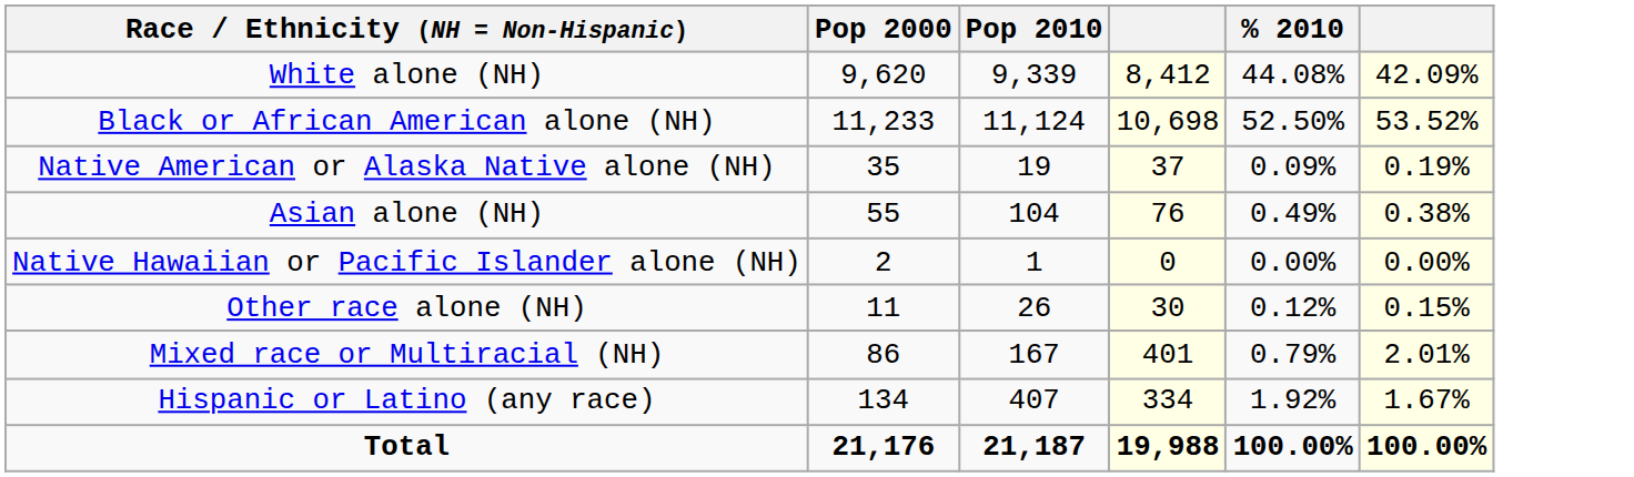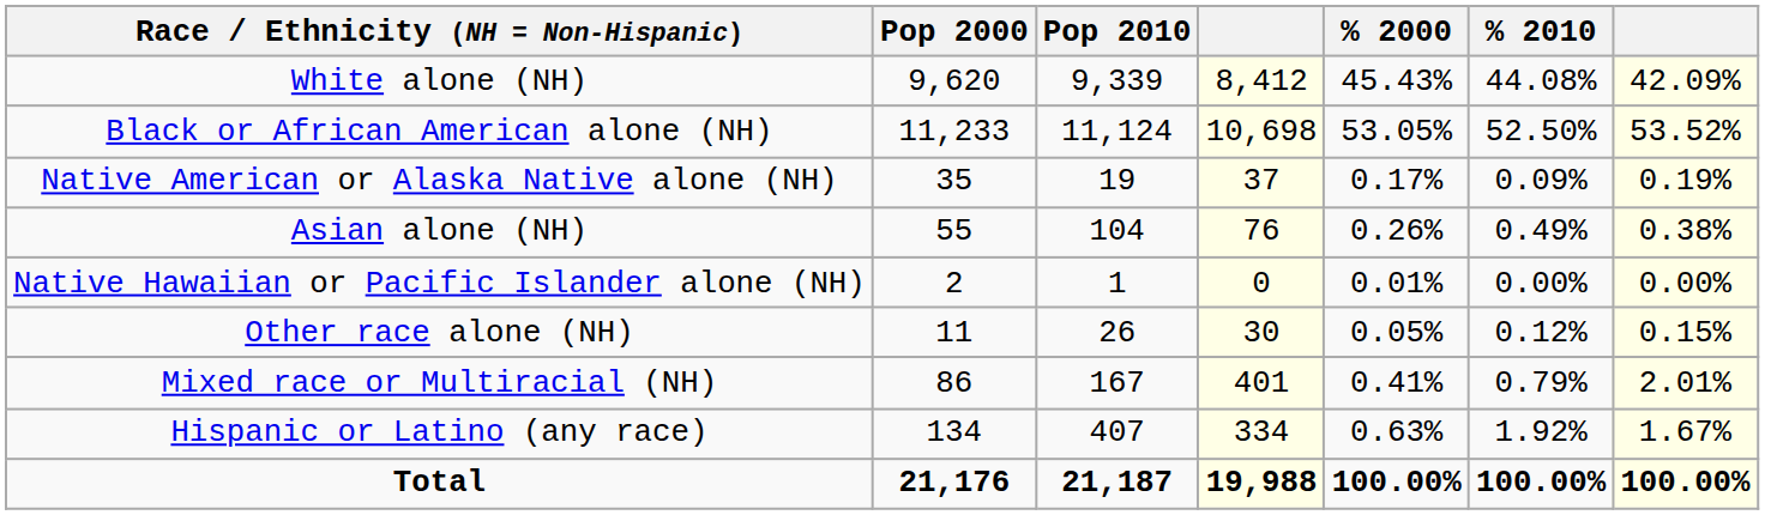 <table class="wikitable" style="text-align:center;">
 <tr>
 <th>Race / Ethnicity <small>(<em>NH = Non-Hispanic</em>)</small></th>
 <th>Pop 2000</th>
 <th>Pop 2010</th>
 <th></th>
+<th>% 2000</th>
 <th>% 2010</th>
 <th></th>
 </tr>
 <tr>
 <td><a href='#'>White</a> alone (NH)</td>
 <td>9,620</td>
 <td>9,339</td>
 <td style='background: #ffffe6;'>8,412</td>
+<td>45.43%</td>
 <td>44.08%</td>
 <td style='background: #ffffe6;'>42.09%</td>
 </tr>
 <tr>
 <td><a href='#'>Black or African American</a> alone (NH)</td>
 <td>11,233</td>
 <td>11,124</td>
 <td style='background: #ffffe6;'>10,698</td>
+<td>53.05%</td>
 <td>52.50%</td>
 <td style='background: #ffffe6;'>53.52%</td>
 </tr>
 <tr>
 <td><a href='#'>Native American</a> or <a href='#'>Alaska Native</a> alone (NH)</td>
 <td>35</td>
 <td>19</td>
 <td style='background: #ffffe6;'>37</td>
+<td>0.17%</td>
 <td>0.09%</td>
 <td style='background: #ffffe6;'>0.19%</td>
 </tr>
 <tr>
 <td><a href='#'>Asian</a> alone (NH)</td>
 <td>55</td>
 <td>104</td>
 <td style='background: #ffffe6;'>76</td>
+<td>0.26%</td>
 <td>0.49%</td>
 <td style='background: #ffffe6;'>0.38%</td>
 </tr>
 <tr>
 <td><a href='#'>Native Hawaiian</a> or <a href='#'>Pacific Islander</a> alone (NH)</td>
 <td>2</td>
 <td>1</td>
 <td style='background: #ffffe6;'>0</td>
+<td>0.01%</td>
 <td>0.00%</td>
 <td style='background: #ffffe6;'>0.00%</td>
 </tr>
 <tr>
 <td><a href='#'>Other race</a> alone (NH)</td>
 <td>11</td>
 <td>26</td>
 <td style='background: #ffffe6;'>30</td>
+<td>0.05%</td>
 <td>0.12%</td>
 <td style='background: #ffffe6;'>0.15%</td>
 </tr>
 <tr>
 <td><a href='#'>Mixed race or Multiracial</a> (NH)</td>
 <td>86</td>
 <td>167</td>
 <td style='background: #ffffe6;'>401</td>
+<td>0.41%</td>
 <td>0.79%</td>
 <td style='background: #ffffe6;'>2.01%</td>
 </tr>
 <tr>
 <td><a href='#'>Hispanic or Latino</a> (any race)</td>
 <td>134</td>
 <td>407</td>
 <td style='background: #ffffe6;'>334</td>
+<td>0.63%</td>
 <td>1.92%</td>
 <td style='background: #ffffe6;'>1.67%</td>
 </tr>
 <tr>
 <td><strong>Total</strong></td>
 <td><strong>21,176</strong></td>
 <td><strong>21,187</strong></td>
 <td style='background: #ffffe6;'><strong>19,988</strong></td>
 <td><strong>100.00%</strong></td>
+<td><strong>100.00%</strong></td>
 <td style='background: #ffffe6;'><strong>100.00%</strong></td>
 </tr>
 </table>
